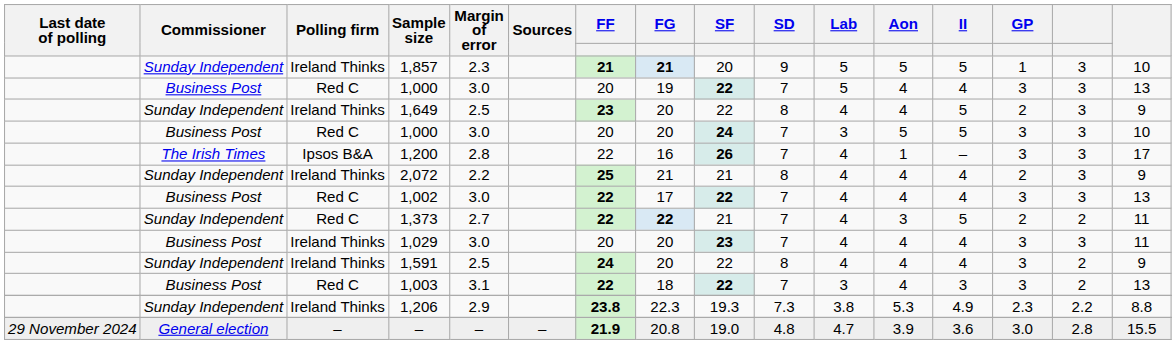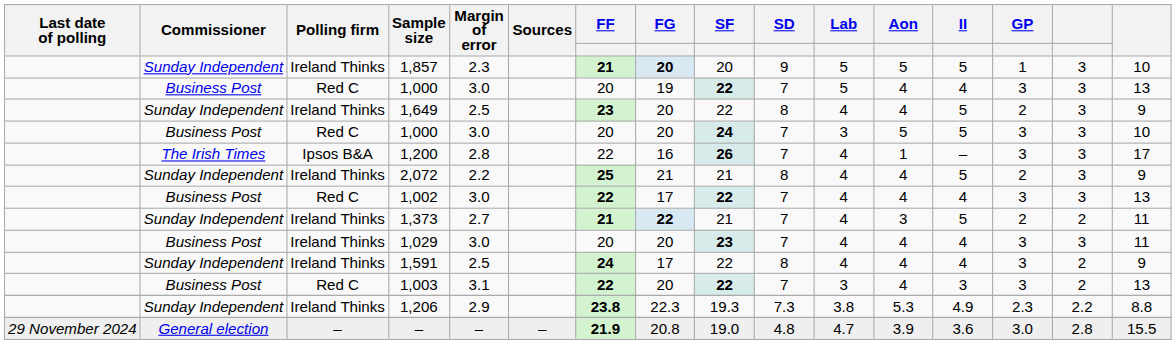 <table class="wikitable sortable mw-datatable collapsible" style="text-align:center;font-size:90%;line-height:14px;">
 <tr>
 <th rowspan="2">Last date<br>of polling</th>
 <th rowspan="2">Commissioner</th>
 <th rowspan="2">Polling firm</th>
 <th class="unsortable" style="width:50px;" rowspan="2">Sample<br>size</th>
 <th class="unsortable" style="width:50px;" rowspan="2">Margin<br>of error</th>
 <th class="unsortable" style="width:50px;" rowspan="2">Sources</th>
 <th class="unsortable" style="width:50px;"><a href='#'>FF</a></th>
 <th class="unsortable" style="width:50px;"><a href='#'>FG</a></th>
 <th class="unsortable" style="width:50px;"><a href='#'>SF</a></th>
 <th class="unsortable" style="width:50px;"><a href='#'>SD</a></th>
 <th class="unsortable" style="width:50px;"><a href='#'>Lab</a></th>
 <th class="unsortable" style="width:50px;"><a href='#'>Aon</a></th>
 <th class="unsortable" style="width:50px;"><a href='#'>II</a></th>
 <th class="unsortable" style="width:50px;"><a href='#'>GP</a></th>
 <th class="unsortable" style="width:50px;"></th>
 <th class="unsortable" style="width:50px;" rowspan="2"></th>
 </tr>
 <tr>
 <th style="color:inherit;background:"></th>
 <th style="color:inherit;background:"></th>
 <th style="color:inherit;background:"></th>
 <th style="color:inherit;background:"></th>
 <th style="color:inherit;background:"></th>
 <th style="color:inherit;background:"></th>
 <th style="color:inherit;background:"></th>
 <th style="color:inherit;background:"></th>
 <th style="color:inherit;background:"></th>
 </tr>
 <tr>
 <td></td>
 <td data-sort-value="SI06"><a href='#'><em>Sunday Independent</em></a></td>
 <td data-sort-value="Thinks06">Ireland Thinks</td>
 <td>1,857</td>
 <td>2.3</td>
 <td></td>
 <td style="background:#D3F2D0;"><strong>21</strong></td>
-<td style="background:#D9E9F4;"><strong>21</strong></td>
+<td style="background:#D9E9F4;"><strong>20</strong></td>
 <td>20</td>
 <td>9</td>
 <td>5</td>
 <td>5</td>
 <td>5</td>
 <td>1</td>
 <td>3</td>
 <td>10</td>
 </tr>
 <tr>
 <td></td>
 <td data-sort-value="BP03"><a href='#'><em>Business Post</em></a></td>
 <td data-sort-value="RecC03">Red C</td>
 <td>1,000</td>
 <td>3.0</td>
 <td></td>
 <td>20</td>
 <td>19</td>
 <td style="background:#D7ECEA;"><strong>22</strong></td>
 <td>7</td>
 <td>5</td>
 <td>4</td>
 <td>4</td>
 <td>3</td>
 <td>3</td>
 <td>13</td>
 </tr>
 <tr>
 <td></td>
 <td data-sort-value="SI05"><em>Sunday Independent</em></td>
 <td data-sort-value="Thinks05">Ireland Thinks</td>
 <td>1,649</td>
 <td>2.5</td>
 <td></td>
 <td style="background:#D3F2D0;"><strong>23</strong></td>
 <td>20</td>
 <td>22</td>
 <td>8</td>
 <td>4</td>
 <td>4</td>
 <td>5</td>
 <td>2</td>
 <td>3</td>
 <td>9</td>
 </tr>
 <tr>
 <td></td>
 <td data-sort-value="BP03"><em>Business Post</em></td>
 <td data-sort-value="RecC03">Red C</td>
 <td>1,000</td>
 <td>3.0</td>
 <td></td>
 <td>20</td>
 <td>20</td>
 <td style="background:#D7ECEA;"><strong>24</strong></td>
 <td>7</td>
 <td>3</td>
 <td>5</td>
 <td>5</td>
 <td>3</td>
 <td>3</td>
 <td>10</td>
 </tr>
 <tr>
 <td></td>
 <td data-sort-value="IT01"><em><a href='#'>The Irish Times</a></em></td>
 <td data-sort-value="Ipsos01">Ipsos B&A</td>
 <td>1,200</td>
 <td>2.8</td>
 <td></td>
 <td>22</td>
 <td>16</td>
 <td style="background:#D7ECEA;"><strong>26</strong></td>
 <td>7</td>
 <td>4</td>
 <td>1</td>
 <td>– </td>
 <td>3</td>
 <td>3</td>
 <td>17</td>
 </tr>
 <tr>
 <td></td>
 <td data-sort-value="SI04"><em>Sunday Independent</em></td>
 <td data-sort-value="Thinks04">Ireland Thinks</td>
 <td>2,072</td>
 <td>2.2</td>
 <td></td>
 <td style="background:#D3F2D0;"><strong>25</strong></td>
 <td>21</td>
 <td>21</td>
 <td>8</td>
 <td>4</td>
 <td>4</td>
-<td>4</td>
+<td>5</td>
 <td>2</td>
 <td>3</td>
 <td>9</td>
 </tr>
 <tr>
 <td></td>
 <td data-sort-value="BP03"><em>Business Post</em></td>
 <td data-sort-value="RecC03">Red C</td>
 <td>1,002</td>
 <td>3.0</td>
 <td></td>
 <td style="background:#D3F2D0;"><strong>22</strong></td>
 <td>17</td>
 <td style="background:#D7ECEA;"><strong>22</strong></td>
 <td>7</td>
 <td>4</td>
 <td>4</td>
 <td>4</td>
 <td>3</td>
 <td>3</td>
 <td>13</td>
 </tr>
 <tr>
 <td></td>
 <td data-sort-value="SI03"><em>Sunday Independent</em></td>
-<td data-sort-value="RecC03">Red C</td>
+<td data-sort-value="Thinks03">Ireland Thinks</td>
 <td>1,373</td>
 <td>2.7</td>
 <td></td>
-<td style="background:#D3F2D0;"><strong>22</strong></td>
+<td style="background:#D3F2D0;"><strong>21</strong></td>
 <td style="background:#D9E9F4;"><strong>22</strong></td>
 <td>21</td>
 <td>7</td>
 <td>4</td>
 <td>3</td>
 <td>5</td>
 <td>2</td>
 <td>2</td>
 <td>11</td>
 </tr>
 <tr>
 <td></td>
 <td data-sort-value="BP02"><em>Business Post</em></td>
 <td data-sort-value="Thinks03">Ireland Thinks</td>
 <td>1,029</td>
 <td>3.0</td>
 <td></td>
 <td>20</td>
 <td>20</td>
 <td style="background:#D7ECEA;"><strong>23</strong></td>
 <td>7</td>
 <td>4</td>
 <td>4</td>
 <td>4</td>
 <td>3</td>
 <td>3</td>
 <td>11</td>
 </tr>
 <tr>
 <td></td>
 <td data-sort-value="SI02"><em>Sunday Independent</em></td>
 <td data-sort-value="Thinks02">Ireland Thinks</td>
 <td>1,591</td>
 <td>2.5</td>
 <td></td>
 <td style="background:#D3F2D0;"><strong>24</strong></td>
-<td>20</td>
+<td>17</td>
 <td>22</td>
 <td>8</td>
 <td>4</td>
 <td>4</td>
 <td>4</td>
 <td>3</td>
 <td>2</td>
 <td>9</td>
 </tr>
 <tr>
 <td></td>
 <td data-sort-value="BP01"><em>Business Post</em></td>
 <td data-sort-value="RedC01">Red C</td>
 <td>1,003</td>
 <td>3.1</td>
 <td></td>
 <td style="background:#D3F2D0;"><strong>22</strong></td>
-<td>18</td>
+<td>20</td>
 <td style="background:#D7ECEA;"><strong>22</strong></td>
 <td>7</td>
 <td>3</td>
 <td>4</td>
 <td>3</td>
 <td>3</td>
 <td>2</td>
 <td>13</td>
 </tr>
 <tr>
 </tr>
 <tr>
 <td></td>
 <td data-sort-value="SI01"><em>Sunday Independent</em></td>
 <td data-sort-value="Thinks01">Ireland Thinks</td>
 <td>1,206</td>
 <td>2.9</td>
 <td></td>
 <td style="background:#D3F2D0;"><strong>23.8</strong></td>
 <td>22.3</td>
 <td>19.3</td>
 <td>7.3</td>
 <td>3.8</td>
 <td>5.3</td>
 <td>4.9</td>
 <td>2.3</td>
 <td>2.2</td>
 <td>8.8</td>
 </tr>
 <tr>
 </tr>
 <tr style="background:#EFEFEF;">
 <td><em>29 November 2024</em></td>
 <td><em><a href='#'>General election</a></em></td>
 <td>–</td>
 <td>–</td>
 <td>–</td>
 <td>–</td>
 <td style="background:#D3F2D0"><strong>21.9</strong></td>
 <td>20.8</td>
 <td>19.0</td>
 <td>4.8</td>
 <td>4.7</td>
 <td>3.9</td>
 <td>3.6</td>
 <td>3.0</td>
 <td>2.8</td>
 <td>15.5</td>
 </tr>
 </table>
